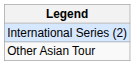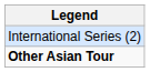 <table class="wikitable" style="font-size:95%;">
 <tr>
 <th>Legend</th>
 </tr>
 <tr style="background:#D6E8FF;">
 <td>International Series (2)</td>
 </tr>
 <tr>
-<td>Other Asian Tour</td>
+<td><strong>Other Asian Tour</strong></td>
 </tr>
 </table>
